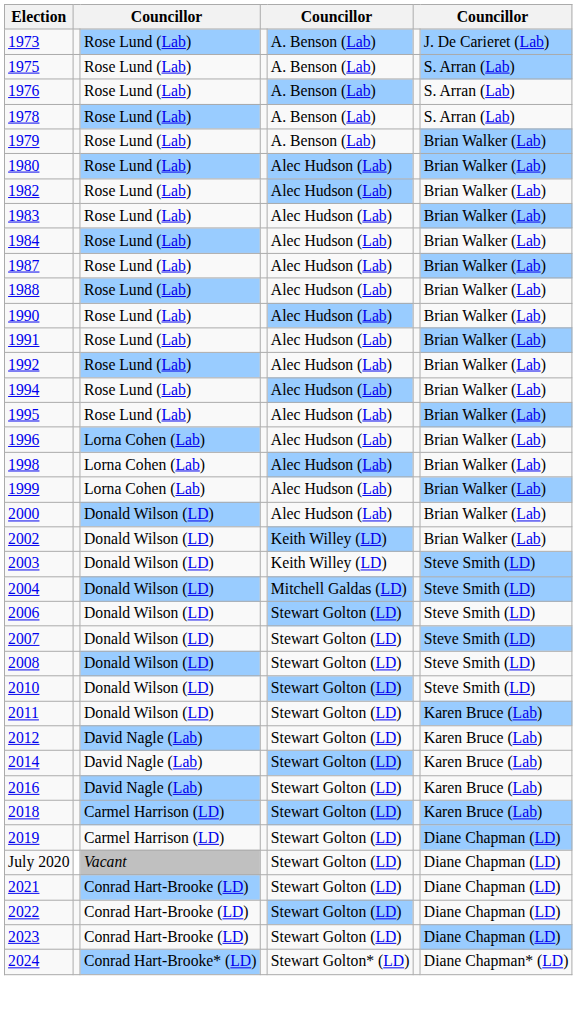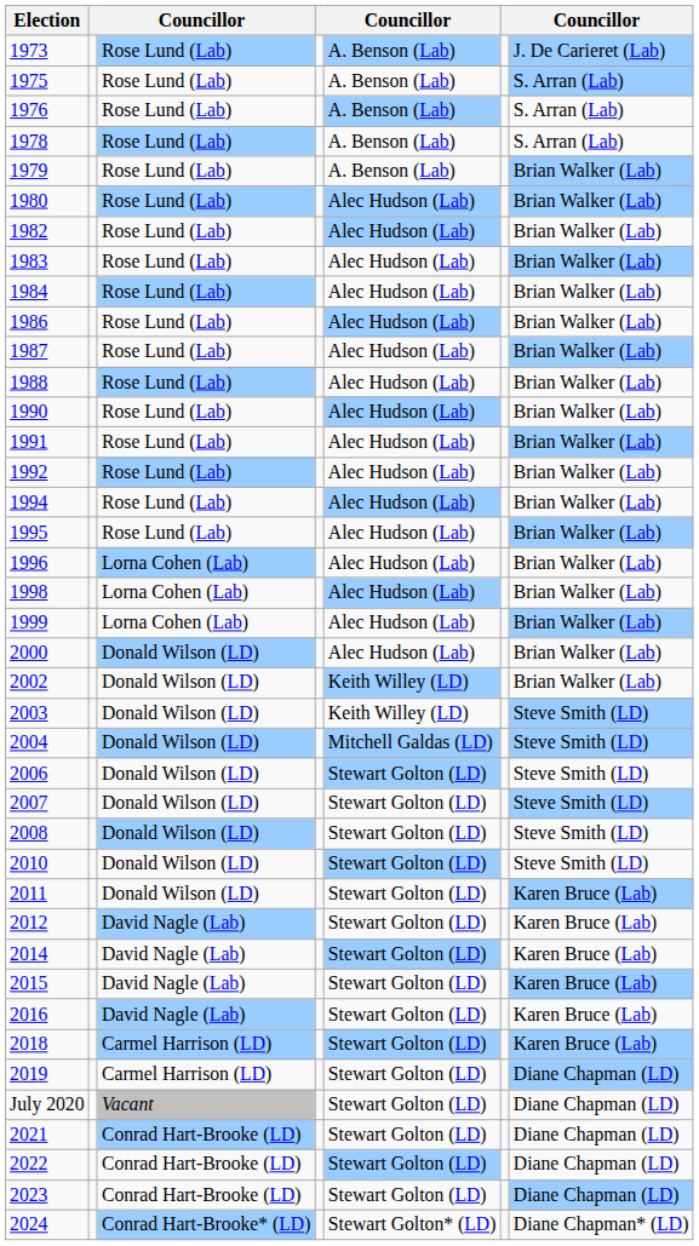 <table class="wikitable">
 <tr>
 <th>Election</th>
 <th colspan="2">Councillor</th>
 <th colspan="2">Councillor</th>
 <th colspan="2">Councillor</th>
 </tr>
 <tr>
 <td><a href='#'>1973</a></td>
 <td style="background-color: "></td>
 <td bgcolor="#99CCFF">Rose Lund (<a href='#'>Lab</a>)</td>
 <td style="background-color: "></td>
 <td bgcolor="#99CCFF">A. Benson (<a href='#'>Lab</a>)</td>
 <td style="background-color: "></td>
 <td bgcolor="#99CCFF">J. De Carieret (<a href='#'>Lab</a>)</td>
 </tr>
 <tr>
 <td><a href='#'>1975</a></td>
 <td style="background-color: "></td>
 <td>Rose Lund (<a href='#'>Lab</a>)</td>
 <td style="background-color: "></td>
 <td>A. Benson (<a href='#'>Lab</a>)</td>
 <td style="background-color: "></td>
 <td bgcolor="#99CCFF">S. Arran (<a href='#'>Lab</a>)</td>
 </tr>
 <tr>
 <td><a href='#'>1976</a></td>
 <td style="background-color: "></td>
 <td>Rose Lund (<a href='#'>Lab</a>)</td>
 <td style="background-color: "></td>
 <td bgcolor="#99CCFF">A. Benson (<a href='#'>Lab</a>)</td>
 <td style="background-color: "></td>
 <td>S. Arran (<a href='#'>Lab</a>)</td>
 </tr>
 <tr>
 <td><a href='#'>1978</a></td>
 <td style="background-color: "></td>
 <td bgcolor="#99CCFF">Rose Lund (<a href='#'>Lab</a>)</td>
 <td style="background-color: "></td>
 <td>A. Benson (<a href='#'>Lab</a>)</td>
 <td style="background-color: "></td>
 <td>S. Arran (<a href='#'>Lab</a>)</td>
 </tr>
 <tr>
 <td><a href='#'>1979</a></td>
 <td style="background-color: "></td>
 <td>Rose Lund (<a href='#'>Lab</a>)</td>
 <td style="background-color: "></td>
 <td>A. Benson (<a href='#'>Lab</a>)</td>
 <td style="background-color: "></td>
 <td bgcolor="#99CCFF">Brian Walker (<a href='#'>Lab</a>)</td>
 </tr>
 <tr>
 <td><a href='#'>1980</a></td>
 <td style="background-color: "></td>
 <td bgcolor="#99CCFF">Rose Lund (<a href='#'>Lab</a>)</td>
 <td style="background-color: "></td>
 <td bgcolor="#99CCFF">Alec Hudson (<a href='#'>Lab</a>)</td>
 <td style="background-color: "></td>
 <td bgcolor="#99CCFF">Brian Walker (<a href='#'>Lab</a>)</td>
 </tr>
 <tr>
 <td><a href='#'>1982</a></td>
 <td style="background-color: "></td>
 <td>Rose Lund (<a href='#'>Lab</a>)</td>
 <td style="background-color: "></td>
 <td bgcolor="#99CCFF">Alec Hudson (<a href='#'>Lab</a>)</td>
 <td style="background-color: "></td>
 <td>Brian Walker (<a href='#'>Lab</a>)</td>
 </tr>
 <tr>
 <td><a href='#'>1983</a></td>
 <td style="background-color: "></td>
 <td>Rose Lund (<a href='#'>Lab</a>)</td>
 <td style="background-color: "></td>
 <td>Alec Hudson (<a href='#'>Lab</a>)</td>
 <td style="background-color: "></td>
 <td bgcolor="#99CCFF">Brian Walker (<a href='#'>Lab</a>)</td>
 </tr>
 <tr>
 <td><a href='#'>1984</a></td>
 <td style="background-color: "></td>
 <td bgcolor="#99CCFF">Rose Lund (<a href='#'>Lab</a>)</td>
 <td style="background-color: "></td>
 <td>Alec Hudson (<a href='#'>Lab</a>)</td>
+<td style="background-color: "></td>
+<td>Brian Walker (<a href='#'>Lab</a>)</td>
+</tr>
+<tr>
+<td><a href='#'>1986</a></td>
+<td style="background-color: "></td>
+<td>Rose Lund (<a href='#'>Lab</a>)</td>
+<td style="background-color: "></td>
+<td bgcolor="#99CCFF">Alec Hudson (<a href='#'>Lab</a>)</td>
 <td style="background-color: "></td>
 <td>Brian Walker (<a href='#'>Lab</a>)</td>
 </tr>
 <tr>
 <td><a href='#'>1987</a></td>
 <td style="background-color: "></td>
 <td>Rose Lund (<a href='#'>Lab</a>)</td>
 <td style="background-color: "></td>
 <td>Alec Hudson (<a href='#'>Lab</a>)</td>
 <td style="background-color: "></td>
 <td bgcolor="#99CCFF">Brian Walker (<a href='#'>Lab</a>)</td>
 </tr>
 <tr>
 <td><a href='#'>1988</a></td>
 <td style="background-color: "></td>
 <td bgcolor="#99CCFF">Rose Lund (<a href='#'>Lab</a>)</td>
 <td style="background-color: "></td>
 <td>Alec Hudson (<a href='#'>Lab</a>)</td>
 <td style="background-color: "></td>
 <td>Brian Walker (<a href='#'>Lab</a>)</td>
 </tr>
 <tr>
 <td><a href='#'>1990</a></td>
 <td style="background-color: "></td>
 <td>Rose Lund (<a href='#'>Lab</a>)</td>
 <td style="background-color: "></td>
 <td bgcolor="#99CCFF">Alec Hudson (<a href='#'>Lab</a>)</td>
 <td style="background-color: "></td>
 <td>Brian Walker (<a href='#'>Lab</a>)</td>
 </tr>
 <tr>
 <td><a href='#'>1991</a></td>
 <td style="background-color: "></td>
 <td>Rose Lund (<a href='#'>Lab</a>)</td>
 <td style="background-color: "></td>
 <td>Alec Hudson (<a href='#'>Lab</a>)</td>
 <td style="background-color: "></td>
 <td bgcolor="#99CCFF">Brian Walker (<a href='#'>Lab</a>)</td>
 </tr>
 <tr>
 <td><a href='#'>1992</a></td>
 <td style="background-color: "></td>
 <td bgcolor="#99CCFF">Rose Lund (<a href='#'>Lab</a>)</td>
 <td style="background-color: "></td>
 <td>Alec Hudson (<a href='#'>Lab</a>)</td>
 <td style="background-color: "></td>
 <td>Brian Walker (<a href='#'>Lab</a>)</td>
 </tr>
 <tr>
 <td><a href='#'>1994</a></td>
 <td style="background-color: "></td>
 <td>Rose Lund (<a href='#'>Lab</a>)</td>
 <td style="background-color: "></td>
 <td bgcolor="#99CCFF">Alec Hudson (<a href='#'>Lab</a>)</td>
 <td style="background-color: "></td>
 <td>Brian Walker (<a href='#'>Lab</a>)</td>
 </tr>
 <tr>
 <td><a href='#'>1995</a></td>
 <td style="background-color: "></td>
 <td>Rose Lund (<a href='#'>Lab</a>)</td>
 <td style="background-color: "></td>
 <td>Alec Hudson (<a href='#'>Lab</a>)</td>
 <td style="background-color: "></td>
 <td bgcolor="#99CCFF">Brian Walker (<a href='#'>Lab</a>)</td>
 </tr>
 <tr>
 <td><a href='#'>1996</a></td>
 <td style="background-color: "></td>
 <td bgcolor="#99CCFF">Lorna Cohen	(<a href='#'>Lab</a>)</td>
 <td style="background-color: "></td>
 <td>Alec Hudson (<a href='#'>Lab</a>)</td>
 <td style="background-color: "></td>
 <td>Brian Walker (<a href='#'>Lab</a>)</td>
 </tr>
 <tr>
 <td><a href='#'>1998</a></td>
 <td style="background-color: "></td>
 <td>Lorna Cohen (<a href='#'>Lab</a>)</td>
 <td style="background-color: "></td>
 <td bgcolor="#99CCFF">Alec Hudson (<a href='#'>Lab</a>)</td>
 <td style="background-color: "></td>
 <td>Brian Walker (<a href='#'>Lab</a>)</td>
 </tr>
 <tr>
 <td><a href='#'>1999</a></td>
 <td style="background-color: "></td>
 <td>Lorna Cohen (<a href='#'>Lab</a>)</td>
 <td style="background-color: "></td>
 <td>Alec Hudson (<a href='#'>Lab</a>)</td>
 <td style="background-color: "></td>
 <td bgcolor="#99CCFF">Brian Walker (<a href='#'>Lab</a>)</td>
 </tr>
 <tr>
 <td><a href='#'>2000</a></td>
 <td style="background-color: "></td>
 <td bgcolor="#99CCFF">Donald Wilson (<a href='#'>LD</a>)</td>
 <td style="background-color: "></td>
 <td>Alec Hudson (<a href='#'>Lab</a>)</td>
 <td style="background-color: "></td>
 <td>Brian Walker (<a href='#'>Lab</a>)</td>
 </tr>
 <tr>
 <td><a href='#'>2002</a></td>
 <td style="background-color: "></td>
 <td>Donald Wilson (<a href='#'>LD</a>)</td>
 <td style="background-color: "></td>
 <td bgcolor="#99CCFF">Keith Willey (<a href='#'>LD</a>)</td>
 <td style="background-color: "></td>
 <td>Brian Walker (<a href='#'>Lab</a>)</td>
 </tr>
 <tr>
 <td><a href='#'>2003</a></td>
 <td style="background-color: "></td>
 <td>Donald Wilson (<a href='#'>LD</a>)</td>
 <td style="background-color: "></td>
 <td>Keith Willey (<a href='#'>LD</a>)</td>
 <td style="background-color: "></td>
 <td bgcolor="#99CCFF">Steve Smith (<a href='#'>LD</a>)</td>
 </tr>
 <tr>
 <td><a href='#'>2004</a></td>
 <td style="background-color: "></td>
 <td bgcolor="#99CCFF">Donald Wilson (<a href='#'>LD</a>)</td>
 <td style="background-color: "></td>
 <td bgcolor="#99CCFF">Mitchell Galdas (<a href='#'>LD</a>)</td>
 <td style="background-color: "></td>
 <td bgcolor="#99CCFF">Steve Smith (<a href='#'>LD</a>)</td>
 </tr>
 <tr>
 <td><a href='#'>2006</a></td>
 <td style="background-color: "></td>
 <td>Donald Wilson (<a href='#'>LD</a>)</td>
 <td style="background-color: "></td>
 <td bgcolor="#99CCFF">Stewart Golton (<a href='#'>LD</a>)</td>
 <td style="background-color: "></td>
 <td>Steve Smith (<a href='#'>LD</a>)</td>
 </tr>
 <tr>
 <td><a href='#'>2007</a></td>
 <td style="background-color: "></td>
 <td>Donald Wilson (<a href='#'>LD</a>)</td>
 <td style="background-color: "></td>
 <td>Stewart Golton (<a href='#'>LD</a>)</td>
 <td style="background-color: "></td>
 <td bgcolor="#99CCFF">Steve Smith (<a href='#'>LD</a>)</td>
 </tr>
 <tr>
 <td><a href='#'>2008</a></td>
 <td style="background-color: "></td>
 <td bgcolor="#99CCFF">Donald Wilson (<a href='#'>LD</a>)</td>
 <td style="background-color: "></td>
 <td>Stewart Golton (<a href='#'>LD</a>)</td>
 <td style="background-color: "></td>
 <td>Steve Smith (<a href='#'>LD</a>)</td>
 </tr>
 <tr>
 <td><a href='#'>2010</a></td>
 <td style="background-color: "></td>
 <td>Donald Wilson (<a href='#'>LD</a>)</td>
 <td style="background-color: "></td>
 <td bgcolor="#99CCFF">Stewart Golton (<a href='#'>LD</a>)</td>
 <td style="background-color: "></td>
 <td>Steve Smith (<a href='#'>LD</a>)</td>
 </tr>
 <tr>
 <td><a href='#'>2011</a></td>
 <td style="background-color: "></td>
 <td>Donald Wilson (<a href='#'>LD</a>)</td>
 <td style="background-color: "></td>
 <td>Stewart Golton (<a href='#'>LD</a>)</td>
 <td style="background-color: "></td>
 <td bgcolor="#99CCFF">Karen Bruce (<a href='#'>Lab</a>)</td>
 </tr>
 <tr>
 <td><a href='#'>2012</a></td>
 <td style="background-color: "></td>
 <td bgcolor="#99CCFF">David Nagle (<a href='#'>Lab</a>)</td>
 <td style="background-color: "></td>
 <td>Stewart Golton (<a href='#'>LD</a>)</td>
 <td style="background-color: "></td>
 <td>Karen Bruce (<a href='#'>Lab</a>)</td>
 </tr>
 <tr>
 <td><a href='#'>2014</a></td>
 <td style="background-color: "></td>
 <td>David Nagle (<a href='#'>Lab</a>)</td>
 <td style="background-color: "></td>
 <td bgcolor="#99CCFF">Stewart Golton (<a href='#'>LD</a>)</td>
 <td style="background-color: "></td>
 <td>Karen Bruce (<a href='#'>Lab</a>)</td>
 </tr>
 <tr>
+<td><a href='#'>2015</a></td>
+<td style="background-color: "></td>
+<td>David Nagle (<a href='#'>Lab</a>)</td>
+<td style="background-color: "></td>
+<td>Stewart Golton (<a href='#'>LD</a>)</td>
+<td style="background-color: "></td>
+<td bgcolor="#99CCFF">Karen Bruce (<a href='#'>Lab</a>)</td>
+</tr>
+<tr>
 <td><a href='#'>2016</a></td>
 <td style="background-color: "></td>
 <td bgcolor="#99CCFF">David Nagle (<a href='#'>Lab</a>)</td>
 <td style="background-color: "></td>
 <td>Stewart Golton (<a href='#'>LD</a>)</td>
 <td style="background-color: "></td>
 <td>Karen Bruce (<a href='#'>Lab</a>)</td>
 </tr>
 <tr>
 <td><a href='#'>2018</a></td>
 <td style="background-color: "></td>
 <td bgcolor="#99CCFF">Carmel Harrison (<a href='#'>LD</a>)</td>
 <td style="background-color: "></td>
 <td bgcolor="#99CCFF">Stewart Golton (<a href='#'>LD</a>)</td>
 <td style="background-color: "></td>
 <td bgcolor="#99CCFF">Karen Bruce (<a href='#'>Lab</a>)</td>
 </tr>
 <tr>
 <td><a href='#'>2019</a></td>
 <td style="background-color: "></td>
 <td>Carmel Harrison (<a href='#'>LD</a>)</td>
 <td style="background-color: "></td>
 <td>Stewart Golton (<a href='#'>LD</a>)</td>
 <td style="background-color: "></td>
 <td bgcolor="#99CCFF">Diane Chapman (<a href='#'>LD</a>)</td>
 </tr>
 <tr>
 <td>July 2020</td>
 <td style="background-color: #FFFFFF"></td>
 <td bgcolor="#C0C0C0"><em>Vacant</em></td>
 <td style="background-color: "></td>
 <td>Stewart Golton (<a href='#'>LD</a>)</td>
 <td style="background-color: "></td>
 <td>Diane Chapman (<a href='#'>LD</a>)</td>
 </tr>
 <tr>
 <td><a href='#'>2021</a></td>
 <td style="background-color: "></td>
 <td bgcolor="#99CCFF">Conrad Hart-Brooke (<a href='#'>LD</a>)</td>
 <td style="background-color: "></td>
 <td>Stewart Golton (<a href='#'>LD</a>)</td>
 <td style="background-color: "></td>
 <td>Diane Chapman (<a href='#'>LD</a>)</td>
 </tr>
 <tr>
 <td><a href='#'>2022</a></td>
 <td style="background-color: "></td>
 <td>Conrad Hart-Brooke (<a href='#'>LD</a>)</td>
 <td style="background-color: "></td>
 <td bgcolor="#99CCFF">Stewart Golton (<a href='#'>LD</a>)</td>
 <td style="background-color: "></td>
 <td>Diane Chapman (<a href='#'>LD</a>)</td>
 </tr>
 <tr>
 <td><a href='#'>2023</a></td>
 <td style="background-color: "></td>
 <td>Conrad Hart-Brooke (<a href='#'>LD</a>)</td>
 <td style="background-color: "></td>
 <td>Stewart Golton (<a href='#'>LD</a>)</td>
 <td style="background-color: "></td>
 <td bgcolor="#99CCFF">Diane Chapman (<a href='#'>LD</a>)</td>
 </tr>
 <tr>
 <td><a href='#'>2024</a></td>
 <td style="background-color: "></td>
 <td bgcolor="#99CCFF">Conrad Hart-Brooke* (<a href='#'>LD</a>)</td>
 <td style="background-color: "></td>
 <td>Stewart Golton* (<a href='#'>LD</a>)</td>
 <td style="background-color: "></td>
 <td>Diane Chapman* (<a href='#'>LD</a>)</td>
 </tr>
 </table>
